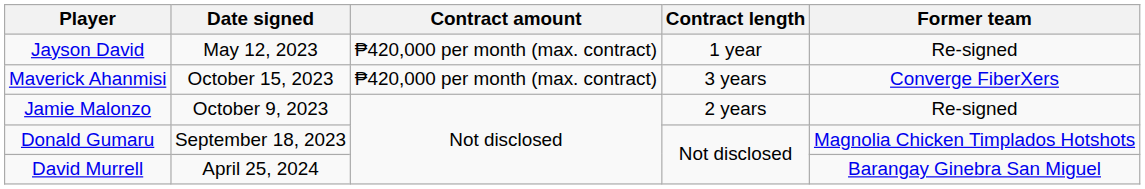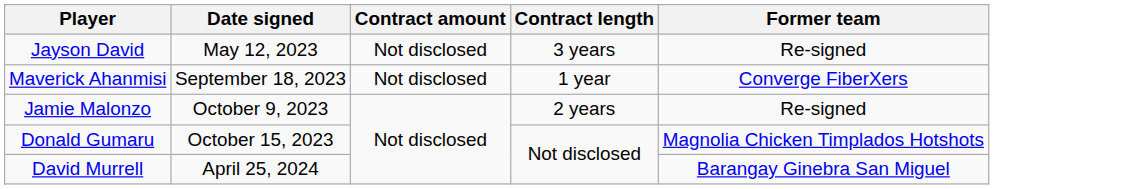 <table class="wikitable sortable sortable">
 <tr>
 <th>Player</th>
 <th>Date signed</th>
 <th>Contract amount</th>
 <th>Contract length</th>
 <th>Former team</th>
 </tr>
 <tr>
 <td align=center><a href='#'>Jayson David</a></td>
 <td align=center>May 12, 2023</td>
-<td align=center>₱420,000 per month (max. contract)</td>
-<td align=center>1 year</td>
+<td align=center>Not disclosed</td>
+<td align=center>3 years</td>
 <td align=center>Re-signed</td>
 </tr>
 <tr>
 <td align=center><a href='#'>Maverick Ahanmisi</a></td>
-<td align=center>October 15, 2023</td>
-<td align=center>₱420,000 per month (max. contract)</td>
-<td align=center>3 years</td>
+<td align=center>September 18, 2023</td>
+<td align=center>Not disclosed</td>
+<td align=center>1 year</td>
 <td align=center><a href='#'>Converge FiberXers</a></td>
 </tr>
 <tr>
 <td align=center><a href='#'>Jamie Malonzo</a></td>
 <td align=center>October 9, 2023</td>
 <td align=center rowspan=3>Not disclosed</td>
 <td align=center>2 years</td>
 <td align=center>Re-signed</td>
 </tr>
 <tr>
 <td align=center><a href='#'>Donald Gumaru</a></td>
-<td align=center>September 18, 2023</td>
+<td align=center>October 15, 2023</td>
 <td align=center rowspan=2>Not disclosed</td>
 <td align=center><a href='#'>Magnolia Chicken Timplados Hotshots</a></td>
 </tr>
 <tr>
 <td align=center><a href='#'>David Murrell</a></td>
 <td align=center>April 25, 2024</td>
 <td align=center><a href='#'>Barangay Ginebra San Miguel</a> </td>
 </tr>
 </table>
